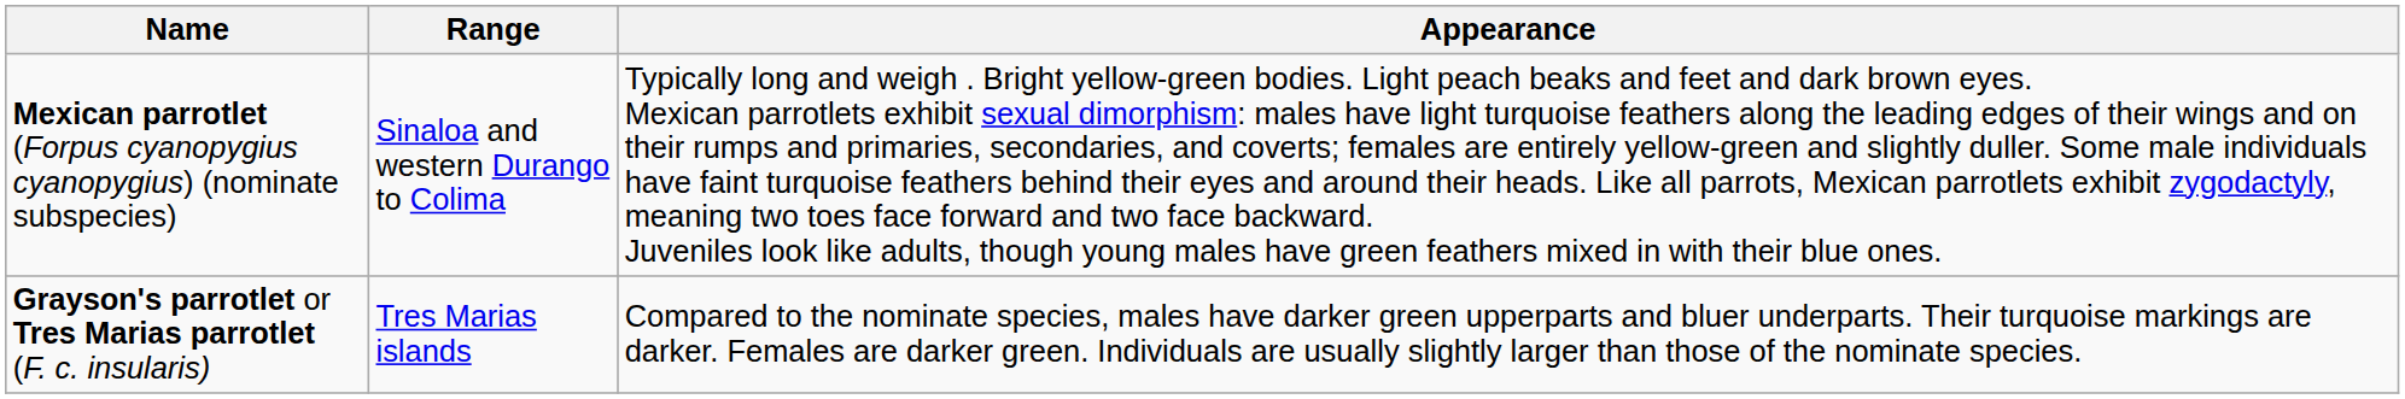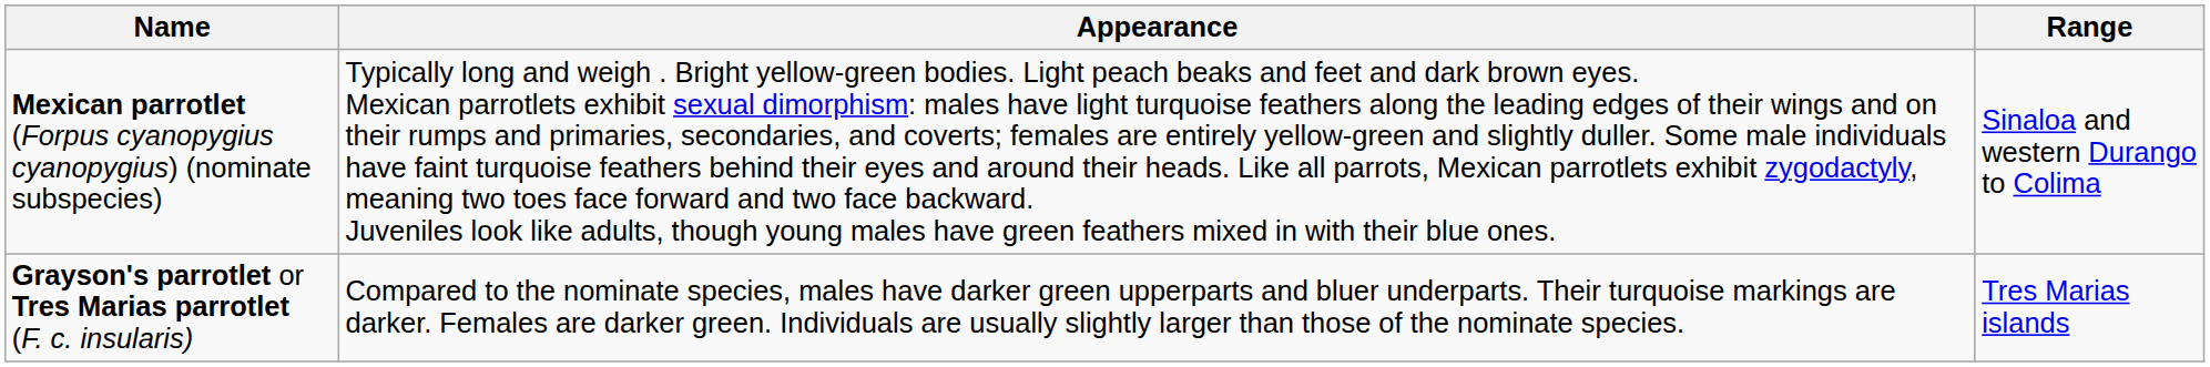 <table class="wikitable">
 <tr>
 <th>Name</th>
+<th>Appearance</th>
 <th>Range</th>
-<th>Appearance</th>
 </tr>
 <tr>
 <td><strong>Mexican parrotlet</strong><br>(<em>Forpus cyanopygius cyanopygius</em>) (nominate subspecies)</td>
+<td>Typically  long and weigh . Bright yellow-green bodies. Light peach beaks and feet and dark brown eyes.<br>Mexican parrotlets exhibit <a href='#'>sexual dimorphism</a>: males have light turquoise feathers along the leading edges of their wings and on their rumps and primaries, secondaries, and coverts; females are entirely yellow-green and slightly duller. Some male individuals have faint turquoise feathers behind their eyes and around their heads. Like all parrots, Mexican parrotlets exhibit <a href='#'>zygodactyly</a>, meaning two toes face forward and two face backward.<br>Juveniles look like adults, though young males have green feathers mixed in with their blue ones.</td>
 <td><a href='#'>Sinaloa</a> and western <a href='#'>Durango</a> to <a href='#'>Colima</a></td>
-<td>Typically  long and weigh . Bright yellow-green bodies. Light peach beaks and feet and dark brown eyes.<br>Mexican parrotlets exhibit <a href='#'>sexual dimorphism</a>: males have light turquoise feathers along the leading edges of their wings and on their rumps and primaries, secondaries, and coverts; females are entirely yellow-green and slightly duller. Some male individuals have faint turquoise feathers behind their eyes and around their heads. Like all parrots, Mexican parrotlets exhibit <a href='#'>zygodactyly</a>, meaning two toes face forward and two face backward.<br>Juveniles look like adults, though young males have green feathers mixed in with their blue ones.</td>
 </tr>
 <tr>
 <td><strong>Grayson's parrotlet</strong> or <strong>Tres Marias parrotlet</strong><br>(<em>F. c. insularis)</em></td>
+<td>Compared to the nominate species, males have darker green upperparts and bluer underparts. Their turquoise markings are darker. Females are darker green. Individuals are usually slightly larger than those of the nominate species.</td>
 <td><a href='#'>Tres Marias islands</a></td>
-<td>Compared to the nominate species, males have darker green upperparts and bluer underparts. Their turquoise markings are darker. Females are darker green. Individuals are usually slightly larger than those of the nominate species.</td>
 </tr>
 </table>
